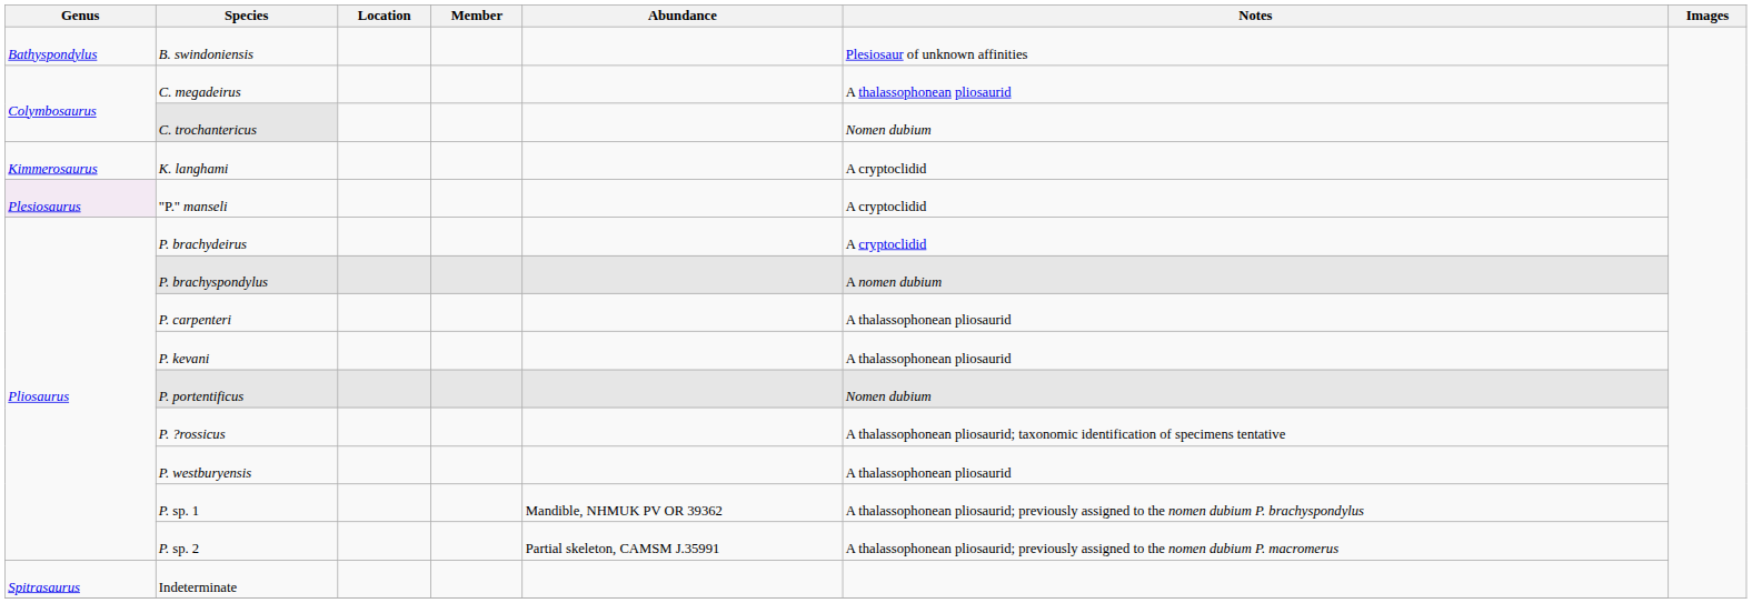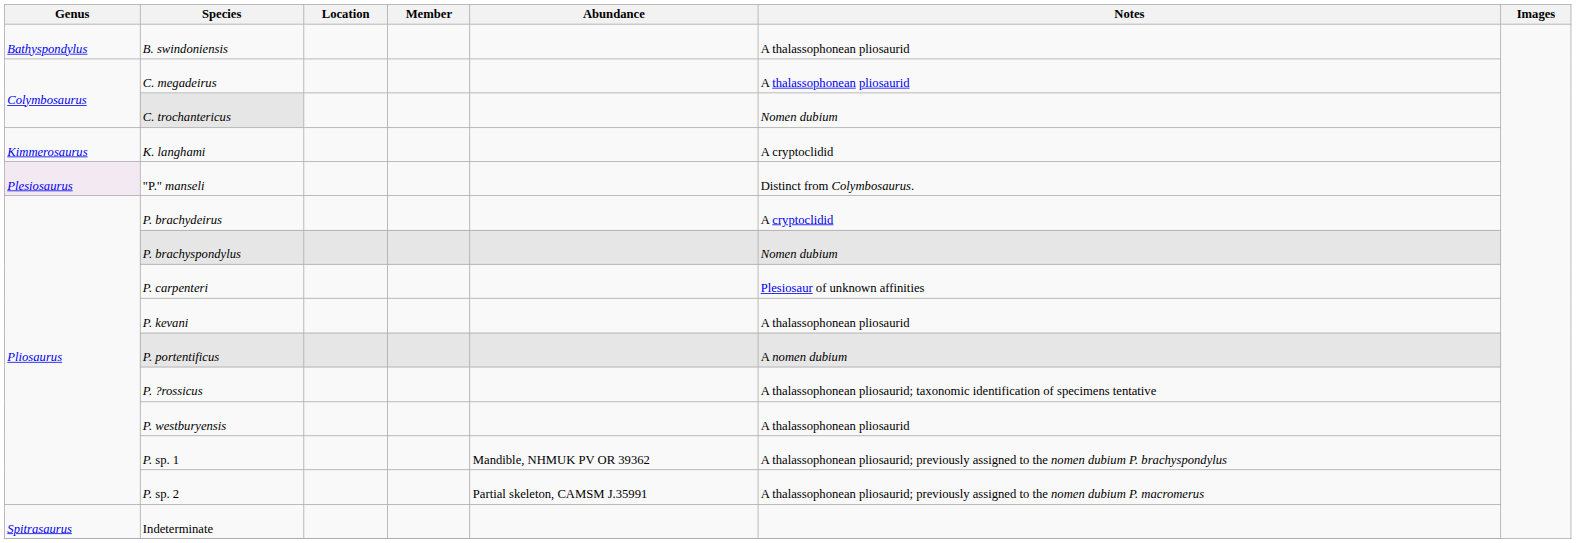 <table class="wikitable" align="center" width="100%">
 <tr>
 <th>Genus</th>
 <th>Species</th>
 <th>Location</th>
 <th>Member</th>
 <th>Abundance</th>
 <th>Notes</th>
 <th>Images</th>
 </tr>
 <tr>
 <td><br><em><a href='#'>Bathyspondylus</a></em></td>
 <td><br><em>B. swindoniensis</em></td>
 <td></td>
 <td></td>
 <td></td>
-<td><br><a href='#'>Plesiosaur</a> of unknown affinities</td>
+<td><br>A thalassophonean pliosaurid</td>
 <td rowspan="99"><br> </td>
 </tr>
 <tr>
 <td rowspan="2"><br><em><a href='#'>Colymbosaurus</a></em></td>
 <td><br><em>C. megadeirus</em></td>
 <td></td>
 <td></td>
 <td></td>
 <td><br>A <a href='#'>thalassophonean</a> <a href='#'>pliosaurid</a></td>
 </tr>
 <tr>
 <td style="background:#E6E6E6;"><br><em>C. trochantericus</em></td>
 <td></td>
 <td></td>
 <td></td>
 <td><br><em>Nomen dubium</em></td>
 </tr>
 <tr>
 <td><br><em><a href='#'>Kimmerosaurus</a></em></td>
 <td><br><em>K. langhami</em></td>
 <td></td>
 <td></td>
 <td></td>
 <td><br>A cryptoclidid</td>
 </tr>
 <tr>
 <td style="background:#f3e9f3;"><br><em><a href='#'>Plesiosaurus</a></em></td>
 <td><br>"P." <em>manseli</em></td>
 <td></td>
 <td></td>
 <td></td>
-<td><br>A cryptoclidid</td>
+<td><br>Distinct from <em>Colymbosaurus</em>.</td>
 </tr>
 <tr>
 <td rowspan="9"><br><em><a href='#'>Pliosaurus</a></em></td>
 <td><br><em>P. brachydeirus</em></td>
 <td></td>
 <td></td>
 <td></td>
 <td><br>A <a href='#'>cryptoclidid</a></td>
 </tr>
 <tr>
 <td style="background:#E6E6E6;"><br><em>P. brachyspondylus</em></td>
 <td style="background:#E6E6E6;"></td>
 <td style="background:#E6E6E6;"></td>
 <td style="background:#E6E6E6;"></td>
-<td style="background:#E6E6E6;"><br>A <em>nomen dubium</em></td>
+<td style="background:#E6E6E6;"><br><em>Nomen dubium</em></td>
 </tr>
 <tr>
 <td><br><em>P. carpenteri</em></td>
 <td></td>
 <td></td>
 <td></td>
-<td><br>A thalassophonean pliosaurid</td>
+<td><br><a href='#'>Plesiosaur</a> of unknown affinities</td>
 </tr>
 <tr>
 <td><br><em>P. kevani</em></td>
 <td></td>
 <td></td>
 <td></td>
 <td><br>A thalassophonean pliosaurid</td>
 </tr>
 <tr>
 <td style="background:#E6E6E6;"><br><em>P. portentificus</em></td>
 <td style="background:#E6E6E6;"></td>
 <td style="background:#E6E6E6;"></td>
 <td style="background:#E6E6E6;"></td>
-<td style="background:#E6E6E6;"><br><em>Nomen dubium</em></td>
+<td style="background:#E6E6E6;"><br>A <em>nomen dubium</em></td>
 </tr>
 <tr>
 <td><br><em>P. ?rossicus</em></td>
 <td></td>
 <td></td>
 <td></td>
 <td><br>A thalassophonean pliosaurid; taxonomic identification of specimens tentative</td>
 </tr>
 <tr>
 <td><br><em>P. westburyensis</em></td>
 <td></td>
 <td></td>
 <td></td>
 <td><br>A thalassophonean pliosaurid</td>
 </tr>
 <tr>
 <td><br><em>P.</em> sp. 1</td>
 <td></td>
 <td></td>
 <td><br>Mandible, NHMUK PV OR 39362</td>
 <td><br>A thalassophonean pliosaurid; previously assigned to the <em>nomen dubium</em> <em>P. brachyspondylus</em></td>
 </tr>
 <tr>
 <td><br><em>P.</em> sp. 2</td>
 <td></td>
 <td></td>
 <td><br>Partial skeleton, CAMSM J.35991</td>
 <td><br>A thalassophonean pliosaurid; previously assigned to the <em>nomen dubium</em> <em>P. macromerus</em></td>
 </tr>
 <tr>
 <td><br><em><a href='#'>Spitrasaurus</a></em></td>
 <td><br>Indeterminate</td>
 <td></td>
 <td></td>
 <td></td>
 <td></td>
 </tr>
 <tr>
 </tr>
 </table>
